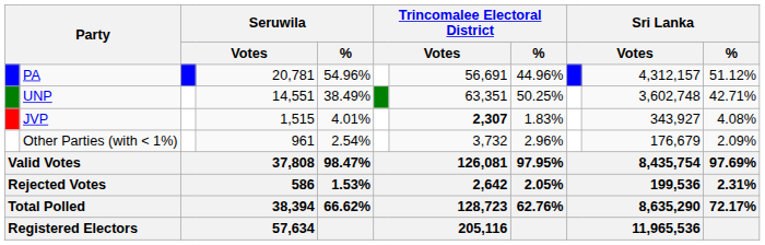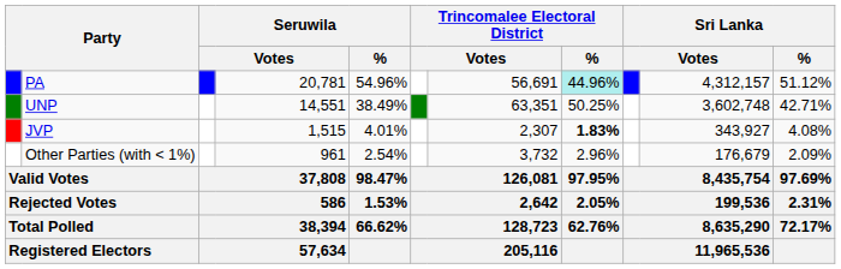 <table class="wikitable">
 <tr>
 <th colspan="2" width="144px"rowspan="2">Party</th>
 <th colspan="3" width="216px">Seruwila</th>
 <th colspan="3" width="216px"><a href='#'>Trincomalee Electoral District</a></th>
 <th colspan="3" width="216px">Sri Lanka</th>
 </tr>
 <tr>
 <th colspan="2" width="144px">Votes</th>
 <th>%</th>
 <th colspan="2" width="144px">Votes</th>
 <th>%</th>
 <th colspan="2" width="144px">Votes</th>
 <th>%</th>
 </tr>
 <tr>
 <td style="background-color:blue;" width="10px"></td>
 <td style="text-align:left;"><a href='#'>PA</a></td>
 <td style="background-color:blue;" width="10px"></td>
 <td style="text-align:right;">20,781</td>
 <td style="text-align:right;">54.96%</td>
 <td style="background-color:white;" width="10px"></td>
 <td style="text-align:right;">56,691</td>
-<td style="text-align:right;">44.96%</td>
+<td style="background: paleturquoise; text-align:right;">44.96%</td>
 <td style="background-color:blue;" width="10px"></td>
 <td style="text-align:right;">4,312,157</td>
 <td style="text-align:right;">51.12%</td>
 </tr>
 <tr>
 <td style="background-color:green;" width="10px"></td>
 <td style="text-align:left;"><a href='#'>UNP</a></td>
 <td style="background-color:white;" width="10px"></td>
 <td style="text-align:right;">14,551</td>
 <td style="text-align:right;">38.49%</td>
 <td style="background-color:green;" width="10px"></td>
 <td style="text-align:right;">63,351</td>
 <td style="text-align:right;">50.25%</td>
 <td style="background-color:white;" width="10px"></td>
 <td style="text-align:right;">3,602,748</td>
 <td style="text-align:right;">42.71%</td>
 </tr>
 <tr>
 <td style="background-color:red;" width="10px"></td>
 <td style="text-align:left;"><a href='#'>JVP</a></td>
 <td style="background-color:white;" width="10px"></td>
 <td style="text-align:right;">1,515</td>
 <td style="text-align:right;">4.01%</td>
 <td style="background-color:white;" width="10px"></td>
-<td style="text-align:right;"><strong>2,307</strong></td>
-<td style="text-align:right;">1.83%</td>
+<td style="text-align:right;">2,307</td>
+<td style="text-align:right;"><strong>1.83%</strong></td>
 <td style="background-color:white;" width="10px"></td>
 <td style="text-align:right;">343,927</td>
 <td style="text-align:right;">4.08%</td>
 </tr>
 <tr>
 <td style="background-color:white;" width="10px"></td>
 <td style="text-align:left;">Other Parties (with < 1%)</td>
 <td style="background-color:white;" width="10px"></td>
 <td style="text-align:right;">961</td>
 <td style="text-align:right;">2.54%</td>
 <td style="background-color:white;" width="10px"></td>
 <td style="text-align:right;">3,732</td>
 <td style="text-align:right;">2.96%</td>
 <td style="background-color:white;" width="10px"></td>
 <td style="text-align:right;">176,679</td>
 <td style="text-align:right;">2.09%</td>
 </tr>
 <tr>
 <th colspan="2" width="144px"style="text-align:left;">Valid Votes</th>
 <th style="text-align:right;"colspan="2" width="144px">37,808</th>
 <th style="text-align:right;">98.47%</th>
 <th style="text-align:right;"colspan="2" width="144px">126,081</th>
 <th style="text-align:right;">97.95%</th>
 <th style="text-align:right;"colspan="2" width="144px">8,435,754</th>
 <th style="text-align:right;">97.69%</th>
 </tr>
 <tr>
 <th colspan="2" width="144px"style="text-align:left;">Rejected Votes</th>
 <th style="text-align:right;"colspan="2" width="144px">586</th>
 <th style="text-align:right;">1.53%</th>
 <th style="text-align:right;"colspan="2" width="144px">2,642</th>
 <th style="text-align:right;">2.05%</th>
 <th style="text-align:right;"colspan="2" width="144px">199,536</th>
 <th style="text-align:right;">2.31%</th>
 </tr>
 <tr>
 <th colspan="2" width="144px"style="text-align:left;">Total Polled</th>
 <th style="text-align:right;"colspan="2" width="144px">38,394</th>
 <th style="text-align:right;">66.62%</th>
 <th style="text-align:right;"colspan="2" width="144px">128,723</th>
 <th style="text-align:right;">62.76%</th>
 <th style="text-align:right;"colspan="2" width="144px">8,635,290</th>
 <th style="text-align:right;">72.17%</th>
 </tr>
 <tr>
 <th colspan="2" width="144px"style="text-align:left;">Registered Electors</th>
 <th style="text-align:right;"colspan="2" width="144px">57,634</th>
 <th></th>
 <th style="text-align:right;"colspan="2" width="144px">205,116</th>
 <th></th>
 <th style="text-align:right;"colspan="2" width="144px">11,965,536</th>
 <th></th>
 </tr>
 </table>
